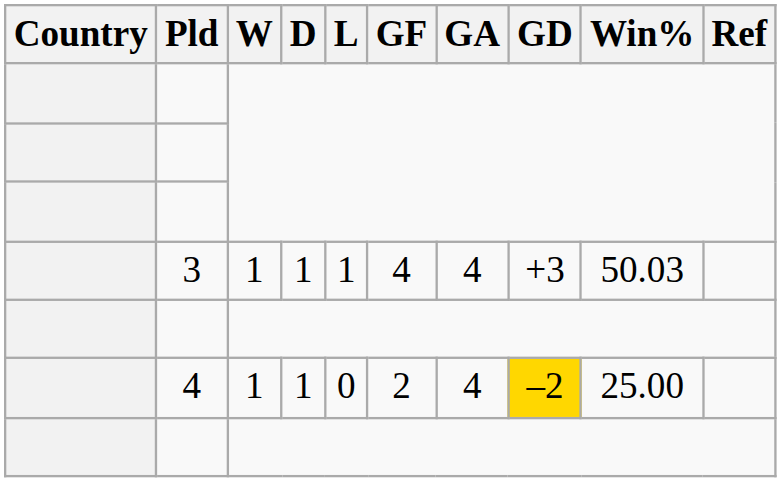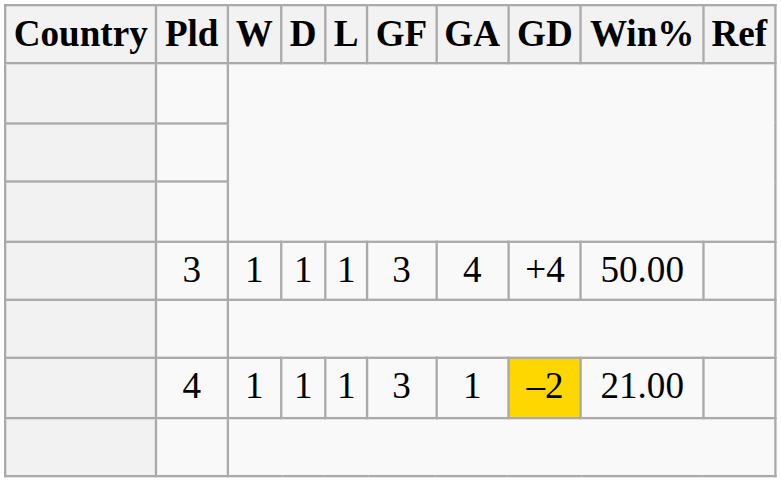 <table class="wikitable sortable plainrowheaders" style="text-align:center">
 <tr>
 <th scope="col">Country</th>
 <th scope="col">Pld</th>
 <th scope="col">W</th>
 <th scope="col">D</th>
 <th scope="col">L</th>
 <th scope="col">GF</th>
 <th scope="col">GA</th>
 <th scope="col">GD</th>
 <th scope="col">Win%</th>
 <th scope="col" class="unsortable">Ref</th>
 </tr>
 <tr>
 <th scope="row" align=left><br></th>
 <td></td>
 </tr>
 <tr>
 <th scope="row" align=left><br></th>
 <td></td>
 </tr>
 <tr>
 <th scope="row" align=left><br></th>
 <td></td>
 </tr>
 <tr>
 <th></th>
 <td>3</td>
 <td>1</td>
 <td>1</td>
 <td>1</td>
+<td>3</td>
 <td>4</td>
-<td>4</td>
-<td>+3</td>
-<td>50.03</td>
+<td>+4</td>
+<td>50.00</td>
 <td></td>
 </tr>
 <tr>
 <th scope="row" align=left><br></th>
 <td></td>
 </tr>
 <tr>
 <th></th>
 <td>4</td>
 <td>1</td>
 <td>1</td>
-<td>0</td>
-<td>2</td>
-<td>4</td>
+<td>1</td>
+<td>3</td>
+<td>1</td>
 <td style="background: gold;">–2</td>
-<td>25.00</td>
+<td>21.00</td>
 <td></td>
 </tr>
 <tr>
 <th scope="row" align=left><br></th>
 <td></td>
 </tr>
 </table>
